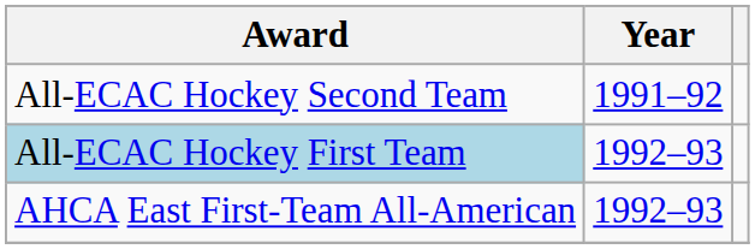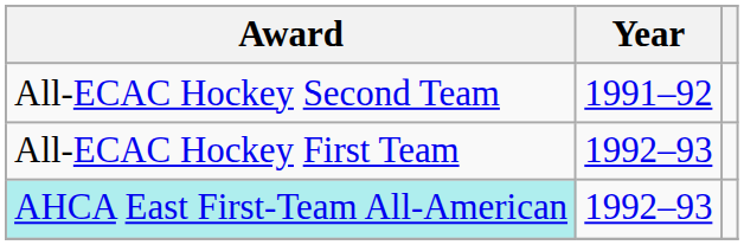 <table class="wikitable">
 <tr>
 <th>Award</th>
 <th>Year</th>
 <th></th>
 </tr>
 <tr>
 <td>All-<a href='#'>ECAC Hockey</a> <a href='#'>Second Team</a></td>
 <td><a href='#'>1991–92</a></td>
 <td></td>
 </tr>
 <tr>
-<td style="background: lightblue;">All-<a href='#'>ECAC Hockey</a> <a href='#'>First Team</a></td>
+<td>All-<a href='#'>ECAC Hockey</a> <a href='#'>First Team</a></td>
 <td><a href='#'>1992–93</a></td>
 <td></td>
 </tr>
 <tr>
-<td><a href='#'>AHCA</a> <a href='#'>East First-Team All-American</a></td>
+<td style="background: paleturquoise;"><a href='#'>AHCA</a> <a href='#'>East First-Team All-American</a></td>
 <td><a href='#'>1992–93</a></td>
 <td></td>
 </tr>
 <tr>
 </tr>
 </table>
